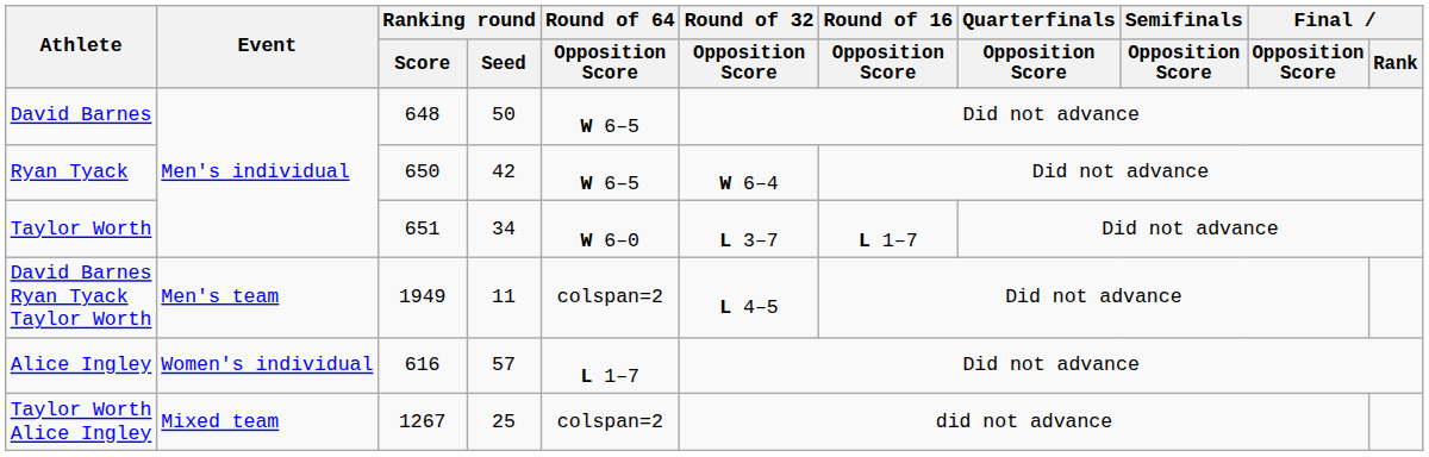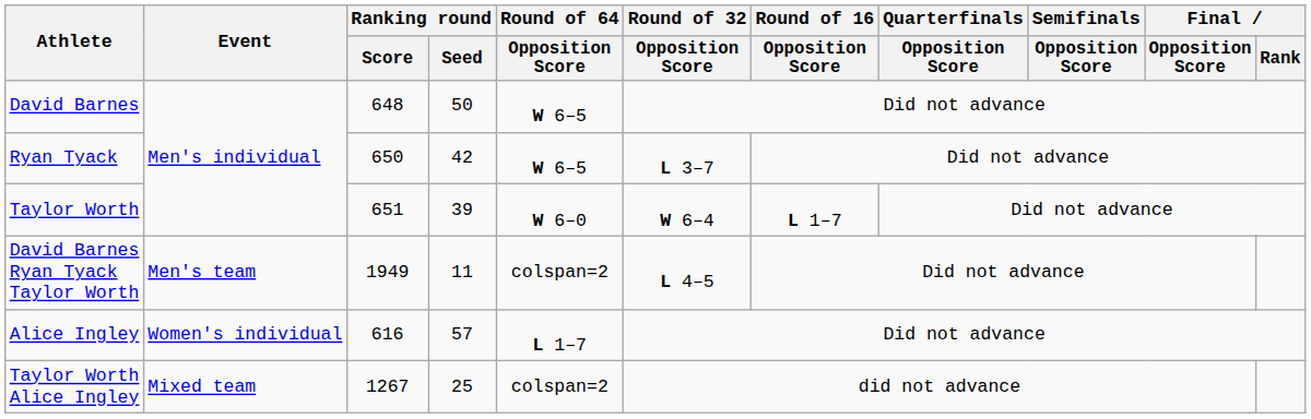 <table class=wikitable style=font-size:90%;text-align:center>
 <tr>
 <th rowspan=2>Athlete</th>
 <th rowspan=2>Event</th>
 <th colspan=2>Ranking round</th>
 <th>Round of 64</th>
 <th>Round of 32</th>
 <th>Round of 16</th>
 <th>Quarterfinals</th>
 <th>Semifinals</th>
 <th colspan=2>Final / </th>
 </tr>
 <tr style=font-size:95%>
 <th>Score</th>
 <th>Seed</th>
 <th>Opposition<br>Score</th>
 <th>Opposition<br>Score</th>
 <th>Opposition<br>Score</th>
 <th>Opposition<br>Score</th>
 <th>Opposition<br>Score</th>
 <th>Opposition<br>Score</th>
 <th>Rank</th>
 </tr>
 <tr align=center>
 <td align=left><a href='#'>David Barnes</a></td>
 <td align=left rowspan=3><a href='#'>Men's individual</a></td>
 <td>648</td>
 <td>50</td>
 <td><br><strong>W</strong> 6–5</td>
 <td colspan=6>Did not advance</td>
 </tr>
 <tr align=center>
 <td align=left><a href='#'>Ryan Tyack</a></td>
 <td>650</td>
 <td>42</td>
 <td><br><strong>W</strong> 6–5</td>
-<td><br> <strong>W</strong> 6–4</td>
+<td><br><strong>L</strong> 3–7</td>
 <td colspan=5>Did not advance</td>
 </tr>
 <tr align=center>
 <td align=left><a href='#'>Taylor Worth</a></td>
 <td>651</td>
-<td>34</td>
+<td>39</td>
 <td><br><strong>W</strong> 6–0</td>
-<td><br><strong>L</strong> 3–7</td>
+<td><br> <strong>W</strong> 6–4</td>
 <td><br><strong>L</strong> 1–7</td>
 <td colspan=4>Did not advance</td>
 </tr>
 <tr align=center>
 <td align=left><a href='#'>David Barnes</a><br><a href='#'>Ryan Tyack</a><br><a href='#'>Taylor Worth</a></td>
 <td align=left><a href='#'>Men's team</a></td>
 <td>1949</td>
 <td>11</td>
 <td>colspan=2 </td>
 <td><br><strong>L</strong> 4–5</td>
 <td colspan=4>Did not advance</td>
 </tr>
 <tr align=center>
 <td align=left><a href='#'>Alice Ingley</a></td>
 <td align=left><a href='#'>Women's individual</a></td>
 <td>616</td>
 <td>57</td>
 <td><br><strong>L</strong> 1–7</td>
 <td colspan=6>Did not advance</td>
 </tr>
 <tr align=center>
 <td align=left><a href='#'>Taylor Worth</a><br><a href='#'>Alice Ingley</a></td>
 <td align=left><a href='#'>Mixed team</a></td>
 <td>1267</td>
 <td>25</td>
 <td>colspan=2 </td>
 <td colspan=5>did not advance</td>
 </tr>
 </table>
